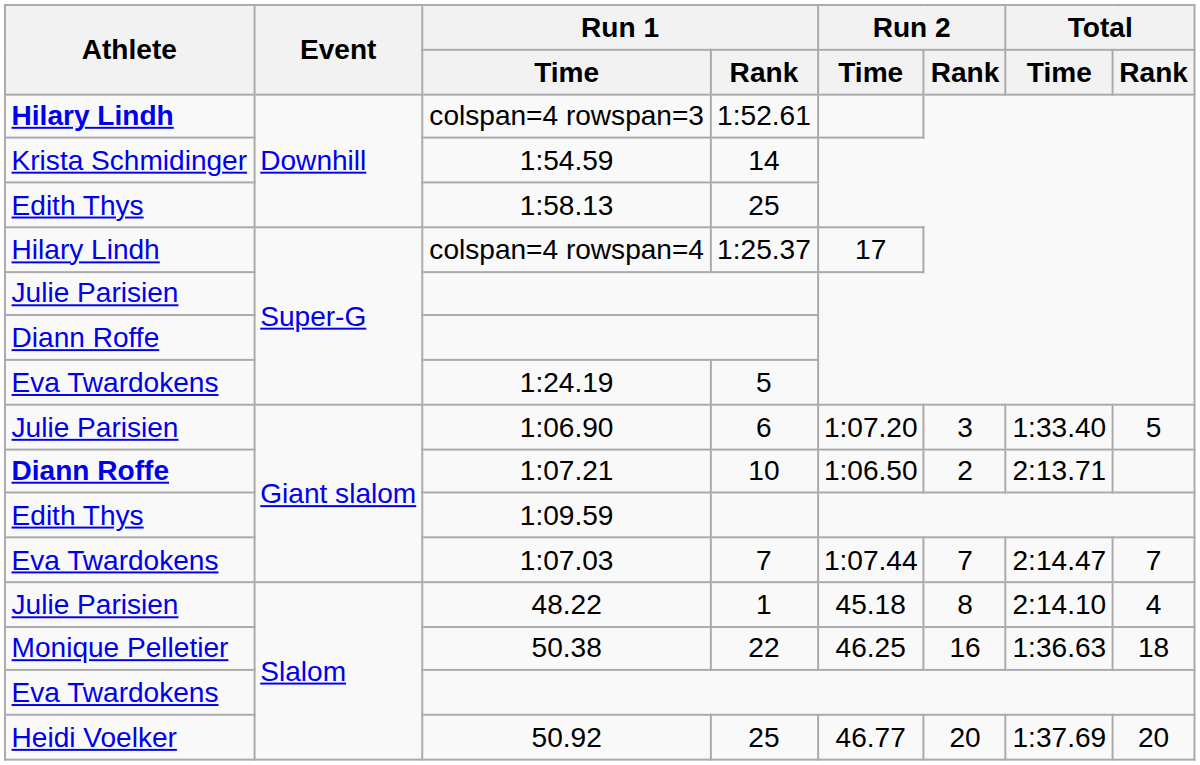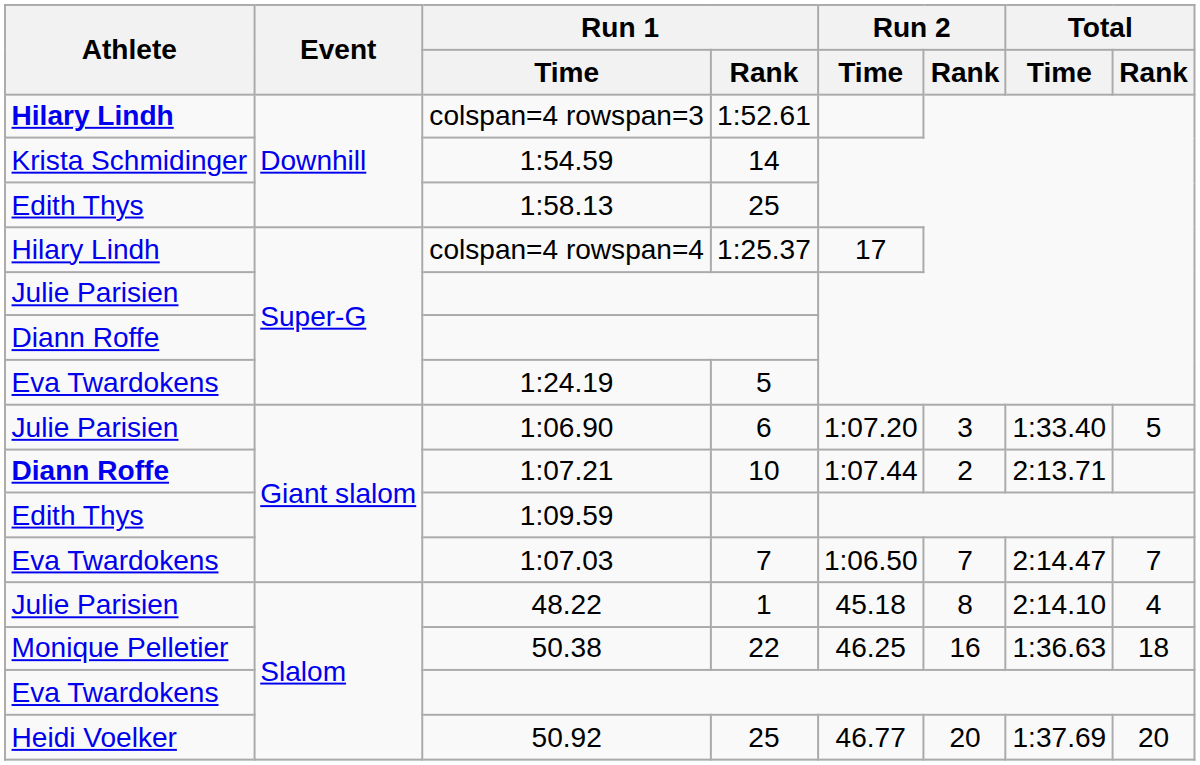 <table class=wikitable style=font-size:90%;text-align:center>
 <tr>
 <th rowspan=2>Athlete</th>
 <th rowspan=2>Event</th>
 <th colspan=2>Run 1</th>
 <th colspan=2>Run 2</th>
 <th colspan=2>Total</th>
 </tr>
 <tr>
 <th>Time</th>
 <th>Rank</th>
 <th>Time</th>
 <th>Rank</th>
 <th>Time</th>
 <th>Rank</th>
 </tr>
 <tr>
 <td align=left><strong><a href='#'>Hilary Lindh</a></strong></td>
 <td align=left rowspan=3><a href='#'>Downhill</a></td>
 <td>colspan=4 rowspan=3 </td>
 <td>1:52.61</td>
 <td></td>
 </tr>
 <tr>
 <td align=left><a href='#'>Krista Schmidinger</a></td>
 <td>1:54.59</td>
 <td>14</td>
 </tr>
 <tr>
 <td align=left><a href='#'>Edith Thys</a></td>
 <td>1:58.13</td>
 <td>25</td>
 </tr>
 <tr>
 <td align=left><a href='#'>Hilary Lindh</a></td>
 <td align=left rowspan=4><a href='#'>Super-G</a></td>
 <td>colspan=4 rowspan=4 </td>
 <td>1:25.37</td>
 <td>17</td>
 </tr>
 <tr>
 <td align=left><a href='#'>Julie Parisien</a></td>
 <td colspan=2></td>
 </tr>
 <tr>
 <td align=left><a href='#'>Diann Roffe</a></td>
 <td colspan=2></td>
 </tr>
 <tr>
 <td align=left><a href='#'>Eva Twardokens</a></td>
 <td>1:24.19</td>
 <td>5</td>
 </tr>
 <tr>
 <td align=left><a href='#'>Julie Parisien</a></td>
 <td align=left rowspan=4><a href='#'>Giant slalom</a></td>
 <td>1:06.90</td>
 <td>6</td>
 <td>1:07.20</td>
 <td>3</td>
 <td>1:33.40</td>
 <td>5</td>
 </tr>
 <tr>
 <td align=left><strong><a href='#'>Diann Roffe</a></strong></td>
 <td>1:07.21</td>
 <td>10</td>
-<td>1:06.50</td>
+<td>1:07.44</td>
 <td>2</td>
 <td>2:13.71</td>
 <td></td>
 </tr>
 <tr>
 <td align=left><a href='#'>Edith Thys</a></td>
 <td>1:09.59</td>
 <td></td>
 <td colspan=4></td>
 </tr>
 <tr>
 <td align=left><a href='#'>Eva Twardokens</a></td>
 <td>1:07.03</td>
 <td>7</td>
-<td>1:07.44</td>
+<td>1:06.50</td>
 <td>7</td>
 <td>2:14.47</td>
 <td>7</td>
 </tr>
 <tr>
 <td align=left><a href='#'>Julie Parisien</a></td>
 <td align=left rowspan=4><a href='#'>Slalom</a></td>
 <td>48.22</td>
 <td>1</td>
 <td>45.18</td>
 <td>8</td>
 <td>2:14.10</td>
 <td>4</td>
 </tr>
 <tr>
 <td align=left><a href='#'>Monique Pelletier</a></td>
 <td>50.38</td>
 <td>22</td>
 <td>46.25</td>
 <td>16</td>
 <td>1:36.63</td>
 <td>18</td>
 </tr>
 <tr>
 <td align=left><a href='#'>Eva Twardokens</a></td>
 <td colspan=6></td>
 </tr>
 <tr>
 <td align=left><a href='#'>Heidi Voelker</a></td>
 <td>50.92</td>
 <td>25</td>
 <td>46.77</td>
 <td>20</td>
 <td>1:37.69</td>
 <td>20</td>
 </tr>
 </table>
